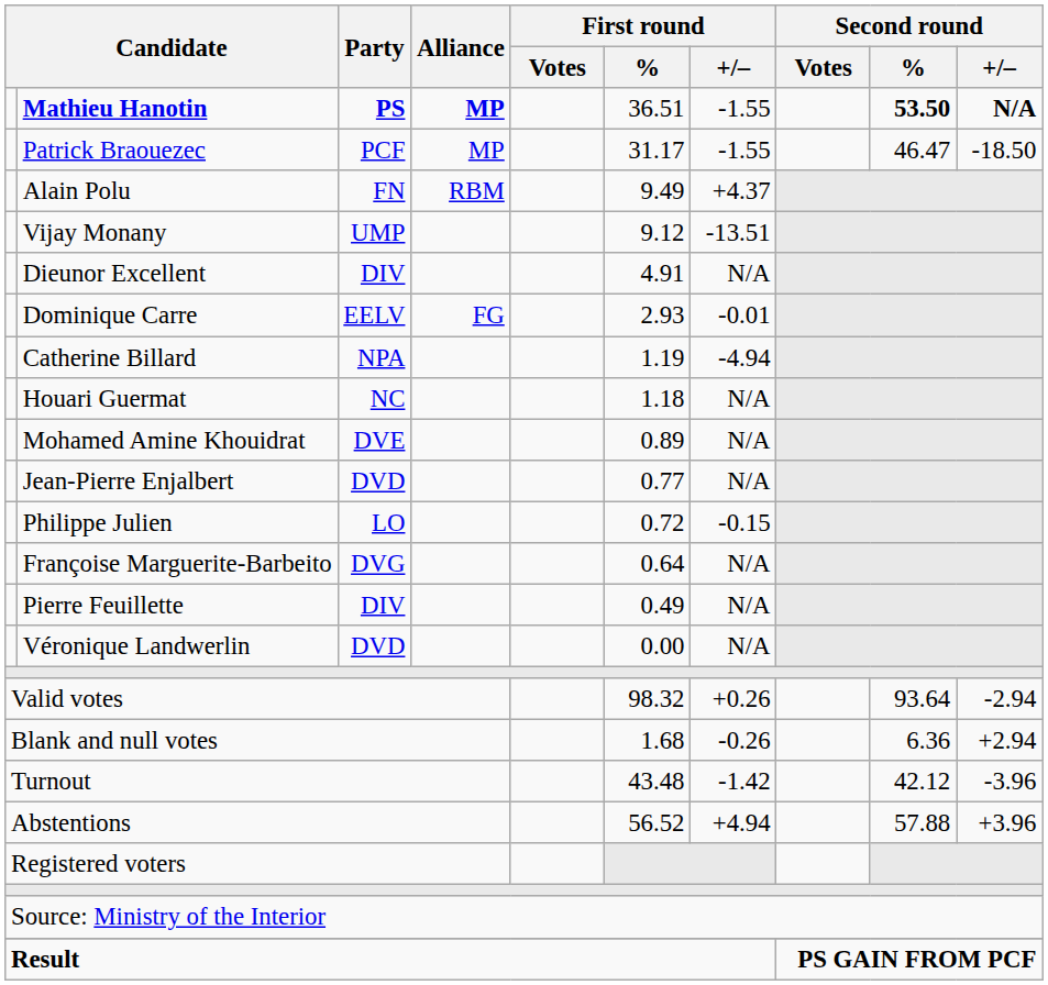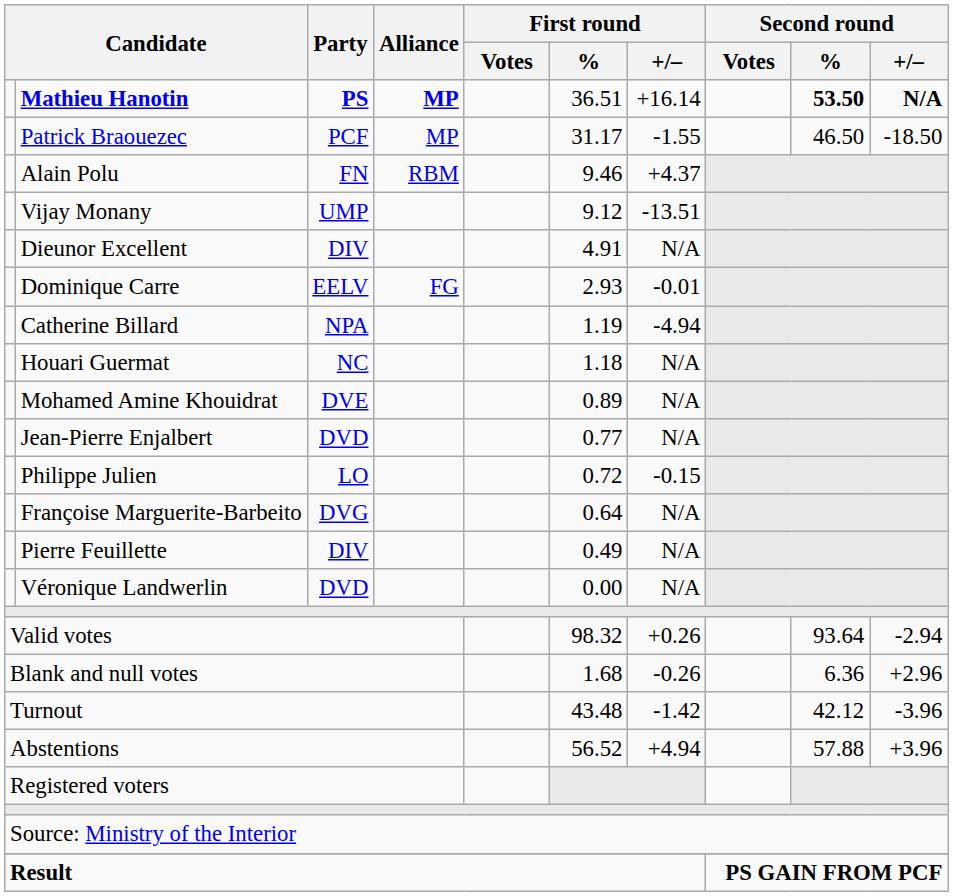 <table class="wikitable" style="text-align:right;font-size:95%;">
 <tr>
 <th rowspan="2" colspan="2">Candidate</th>
 <th rowspan="2">Party</th>
 <th rowspan="2">Alliance</th>
 <th colspan="3">First round</th>
 <th colspan="3">Second round</th>
 </tr>
 <tr>
 <th style="width:50px;">Votes</th>
 <th style="width:45px;">%</th>
 <th style="width:45px;">+/–</th>
 <th style="width:50px;">Votes</th>
 <th style="width:45px;">%</th>
 <th style="width:45px;">+/–</th>
 </tr>
 <tr>
 <td style="color:inherit;background:"></td>
 <td style="text-align:left;"><strong><a href='#'>Mathieu Hanotin</a></strong></td>
 <td><a href='#'><strong>PS</strong></a> </td>
 <td><a href='#'><strong>MP</strong></a> </td>
 <td></td>
 <td>36.51</td>
-<td>-1.55</td>
+<td>+16.14</td>
 <td><strong></strong></td>
 <td><strong>53.50</strong></td>
 <td><strong>N/A</strong></td>
 </tr>
 <tr>
 <td style="color:inherit;background:"></td>
 <td style="text-align:left;"><a href='#'>Patrick Braouezec</a></td>
 <td><a href='#'>PCF</a> </td>
 <td><a href='#'>MP</a></td>
 <td></td>
 <td>31.17</td>
 <td>-1.55</td>
 <td></td>
-<td>46.47</td>
+<td>46.50</td>
 <td>-18.50</td>
 </tr>
 <tr>
 <td style="color:inherit;background:"></td>
 <td style="text-align:left;">Alain Polu</td>
 <td><a href='#'>FN</a></td>
 <td><a href='#'>RBM</a></td>
 <td></td>
-<td>9.49</td>
+<td>9.46</td>
 <td>+4.37</td>
 <td colspan="3" style="background:#E9E9E9;"></td>
 </tr>
 <tr>
 <td style="color:inherit;background:"></td>
 <td style="text-align:left;">Vijay Monany</td>
 <td><a href='#'>UMP</a></td>
 <td></td>
 <td></td>
 <td>9.12</td>
 <td>-13.51</td>
 <td colspan="3" style="background:#E9E9E9;"></td>
 </tr>
 <tr>
 <td style="color:inherit;background:"></td>
 <td style="text-align:left;">Dieunor Excellent</td>
 <td><a href='#'>DIV</a></td>
 <td></td>
 <td></td>
 <td>4.91</td>
 <td>N/A</td>
 <td colspan="3" style="background:#E9E9E9;"></td>
 </tr>
 <tr>
 <td style="color:inherit;background:"></td>
 <td style="text-align:left;">Dominique Carre</td>
 <td><a href='#'>EELV</a></td>
 <td><a href='#'>FG</a> </td>
 <td></td>
 <td>2.93</td>
 <td>-0.01</td>
 <td colspan="3" style="background:#E9E9E9;"></td>
 </tr>
 <tr>
 <td style="color:inherit;background:"></td>
 <td style="text-align:left;">Catherine Billard</td>
 <td><a href='#'>NPA</a></td>
 <td></td>
 <td></td>
 <td>1.19</td>
 <td>-4.94</td>
 <td colspan="3" style="background:#E9E9E9;"></td>
 </tr>
 <tr>
 <td style="color:inherit;background:"></td>
 <td style="text-align:left;">Houari Guermat</td>
 <td><a href='#'>NC</a></td>
 <td></td>
 <td></td>
 <td>1.18</td>
 <td>N/A</td>
 <td colspan="3" style="background:#E9E9E9;"></td>
 </tr>
 <tr>
 <td style="color:inherit;background:"></td>
 <td style="text-align:left;">Mohamed Amine Khouidrat</td>
 <td><a href='#'>DVE</a></td>
 <td></td>
 <td></td>
 <td>0.89</td>
 <td>N/A</td>
 <td colspan="3" style="background:#E9E9E9;"></td>
 </tr>
 <tr>
 <td style="color:inherit;background:"></td>
 <td style="text-align:left;">Jean-Pierre Enjalbert</td>
 <td><a href='#'>DVD</a></td>
 <td></td>
 <td></td>
 <td>0.77</td>
 <td>N/A</td>
 <td colspan="3" style="background:#E9E9E9;"></td>
 </tr>
 <tr>
 <td style="color:inherit;background:"></td>
 <td style="text-align:left;">Philippe Julien</td>
 <td><a href='#'>LO</a></td>
 <td></td>
 <td></td>
 <td>0.72</td>
 <td>-0.15</td>
 <td colspan="3" style="background:#E9E9E9;"></td>
 </tr>
 <tr>
 <td style="color:inherit;background:"></td>
 <td style="text-align:left;">Françoise Marguerite-Barbeito</td>
 <td><a href='#'>DVG</a></td>
 <td></td>
 <td></td>
 <td>0.64</td>
 <td>N/A</td>
 <td colspan="3" style="background:#E9E9E9;"></td>
 </tr>
 <tr>
 <td style="color:inherit;background:"></td>
 <td style="text-align:left;">Pierre Feuillette</td>
 <td><a href='#'>DIV</a></td>
 <td></td>
 <td></td>
 <td>0.49</td>
 <td>N/A</td>
 <td colspan="3" style="background:#E9E9E9;"></td>
 </tr>
 <tr>
 <td style="color:inherit;background:"></td>
 <td style="text-align:left;">Véronique Landwerlin</td>
 <td><a href='#'>DVD</a></td>
 <td></td>
 <td></td>
 <td>0.00</td>
 <td>N/A</td>
 <td colspan="3" style="background:#E9E9E9;"></td>
 </tr>
 <tr>
 <td colspan="10" style="background:#E9E9E9;"></td>
 </tr>
 <tr>
 <td colspan="4" style="text-align:left;">Valid votes</td>
 <td></td>
 <td>98.32</td>
 <td>+0.26</td>
 <td></td>
 <td>93.64</td>
 <td>-2.94</td>
 </tr>
 <tr>
 <td colspan="4" style="text-align:left;">Blank and null votes</td>
 <td></td>
 <td>1.68</td>
 <td>-0.26</td>
 <td></td>
 <td>6.36</td>
-<td>+2.94</td>
+<td>+2.96</td>
 </tr>
 <tr>
 <td colspan="4" style="text-align:left;">Turnout</td>
 <td></td>
 <td>43.48</td>
 <td>-1.42</td>
 <td></td>
 <td>42.12</td>
 <td>-3.96</td>
 </tr>
 <tr>
 <td colspan="4" style="text-align:left;">Abstentions</td>
 <td></td>
 <td>56.52</td>
 <td>+4.94</td>
 <td></td>
 <td>57.88</td>
 <td>+3.96</td>
 </tr>
 <tr>
 <td colspan="4" style="text-align:left;">Registered voters</td>
 <td></td>
 <td colspan="2" style="background:#E9E9E9;"></td>
 <td></td>
 <td colspan="2" style="background:#E9E9E9;"></td>
 </tr>
 <tr>
 <td colspan="10" style="background:#E9E9E9;"></td>
 </tr>
 <tr>
 <td colspan="10" style="text-align:left;">Source: <a href='#'>Ministry of the Interior</a></td>
 </tr>
 <tr>
 </tr>
 <tr style="font-weight:bold">
 <td colspan="7" style="text-align:left;">Result</td>
 <td colspan="7" style="background-color:">PS GAIN FROM PCF</td>
 </tr>
 </table>
